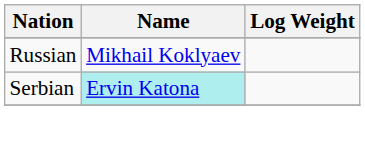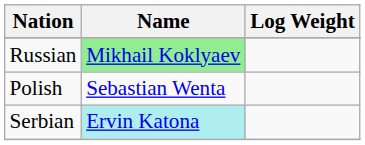 <table class="wikitable" style="display: inline-table">
 <tr>
 <th>Nation</th>
 <th>Name</th>
 <th>Log Weight</th>
 </tr>
 <tr>
 </tr>
 <tr>
 <td> Russian</td>
-<td><a href='#'>Mikhail Koklyaev</a></td>
+<td style="background: lightgreen;"><a href='#'>Mikhail Koklyaev</a></td>
+<td></td>
+</tr>
+<tr>
+<td> Polish</td>
+<td><a href='#'>Sebastian Wenta</a></td>
 <td></td>
 </tr>
 <tr>
 <td> Serbian</td>
 <td style="background: paleturquoise;"><a href='#'>Ervin Katona</a></td>
 <td></td>
 </tr>
 <tr>
 </tr>
 </table>
